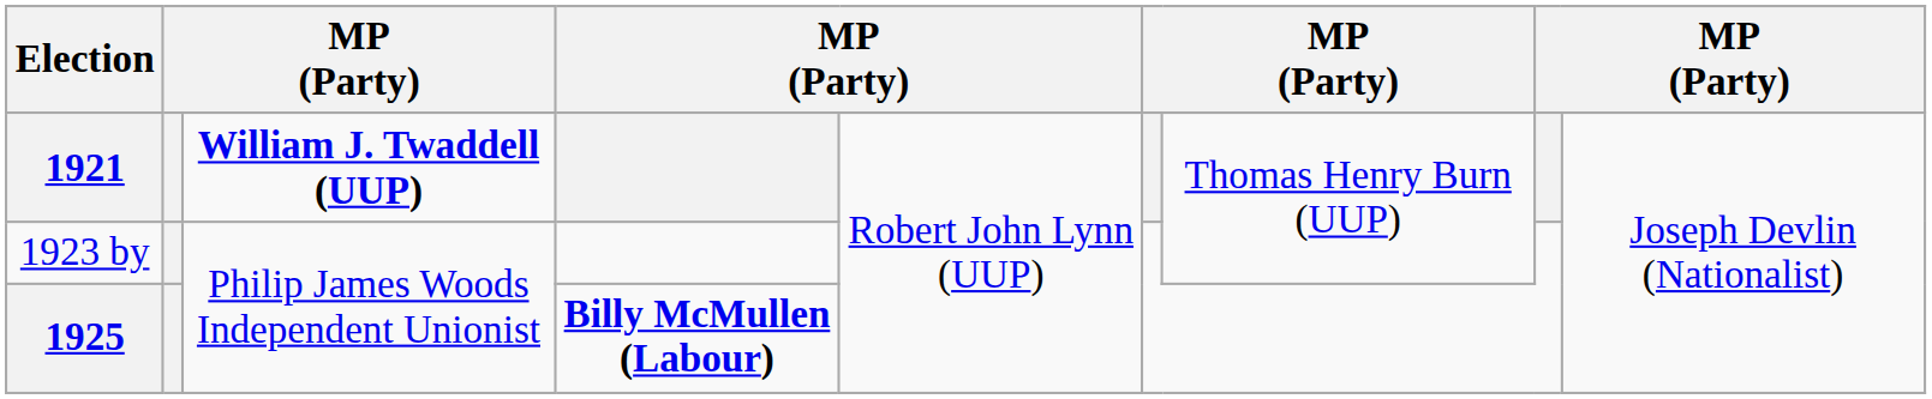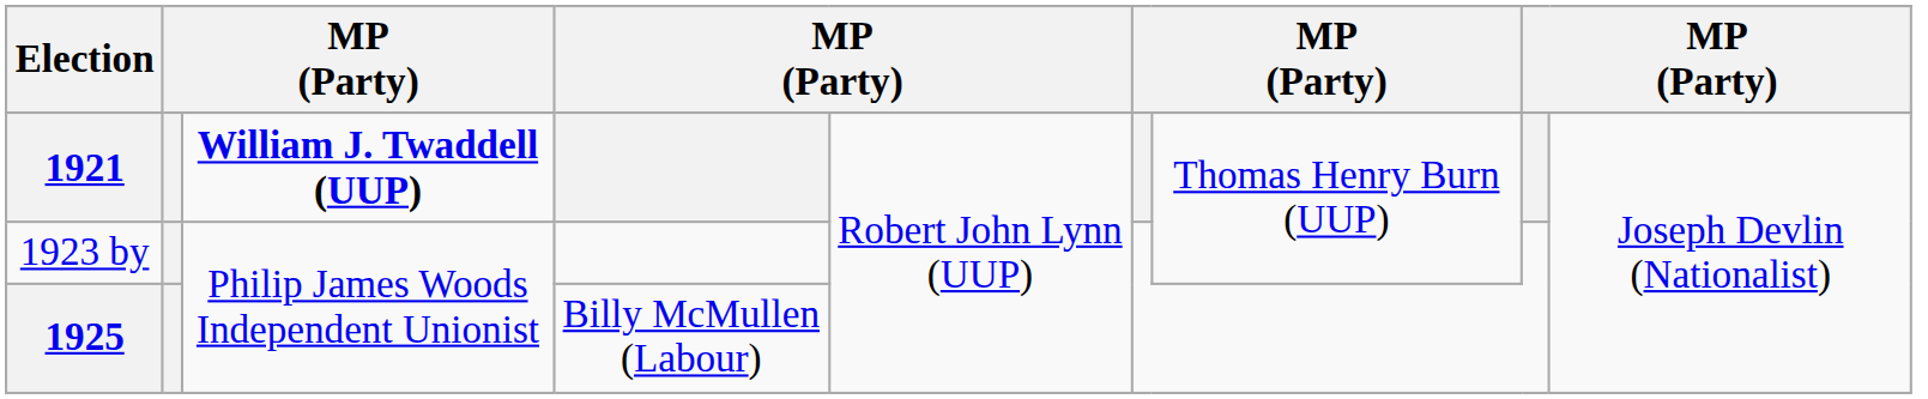 <table class="wikitable" style="text-align:center">
 <tr>
 <th>Election</th>
 <th scope="col" width="150" colspan = "2">MP<br> (Party)</th>
 <th scope="col" width="150" colspan = "2">MP<br> (Party)</th>
 <th scope="col" width="150" colspan = "2">MP<br> (Party)</th>
 <th scope="col" width="150" colspan = "2">MP<br> (Party)</th>
 </tr>
 <tr>
 <th><a href='#'>1921</a></th>
 <th style="background-color: "></th>
 <td rowspan="1"><strong><a href='#'>William J. Twaddell</a><br> (<a href='#'>UUP</a>)</strong></td>
 <th style="background-color: "></th>
 <td rowspan="3"><a href='#'>Robert John Lynn</a><br> (<a href='#'>UUP</a>)</td>
 <th style="background-color: "></th>
 <td rowspan="2"><a href='#'>Thomas Henry Burn</a><br> (<a href='#'>UUP</a>)</td>
 <th style="background-color: "></th>
 <td rowspan="3"><a href='#'>Joseph Devlin</a><br> (<a href='#'>Nationalist</a>)</td>
 </tr>
 <tr>
 <td><a href='#'>1923 by</a></td>
 <th style="background-color: "></th>
 <td rowspan="2"><a href='#'>Philip James Woods</a><br> <a href='#'>Independent Unionist</a></td>
 </tr>
 <tr>
 <th><a href='#'>1925</a></th>
 <th style="background-color: "></th>
-<td rowspan="1"><strong><a href='#'>Billy McMullen</a><br> (<a href='#'>Labour</a>)</strong></td>
+<td rowspan="1"><a href='#'>Billy McMullen</a><br> (<a href='#'>Labour</a>)</td>
 </tr>
 </table>
